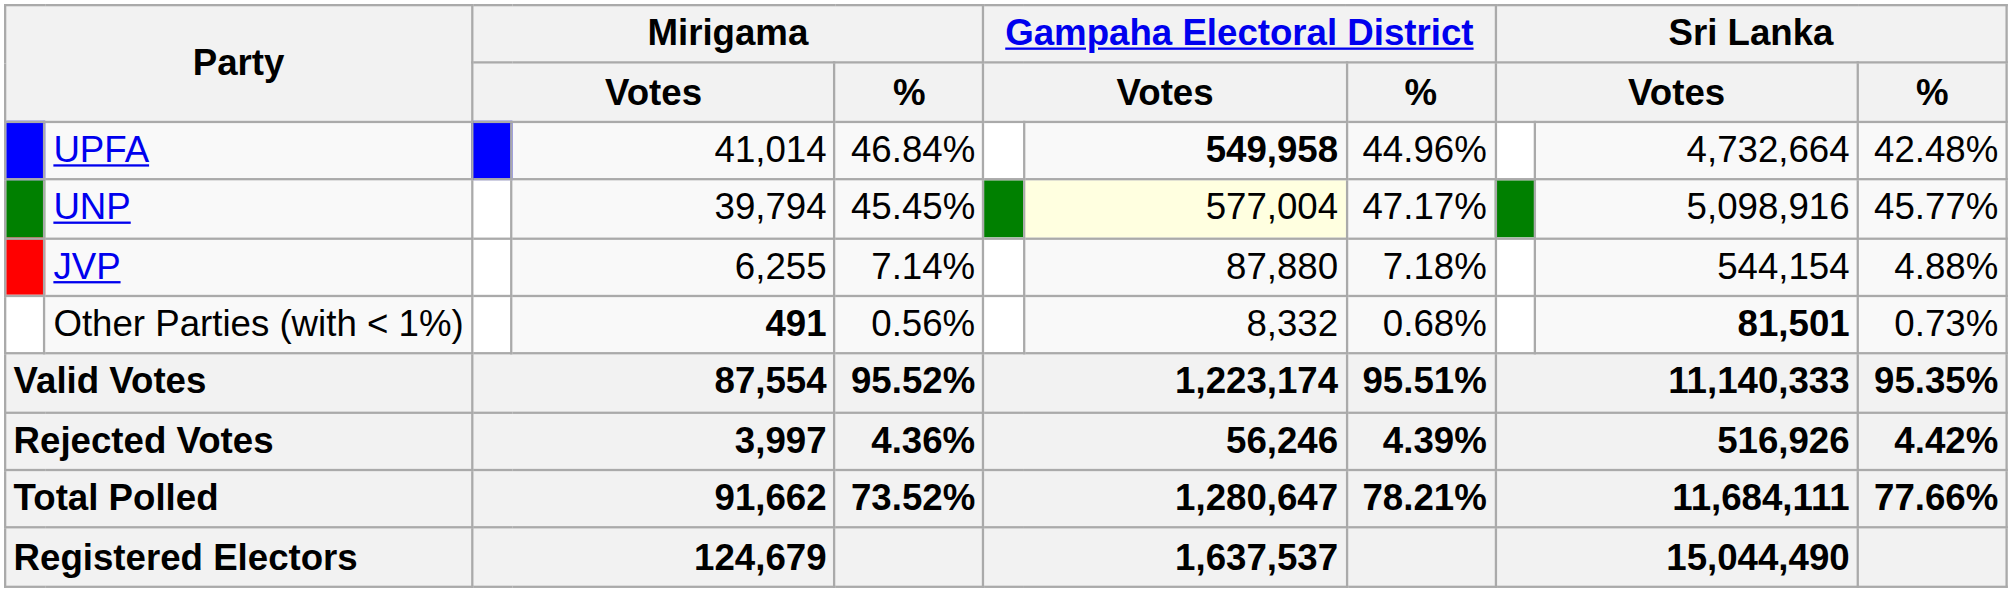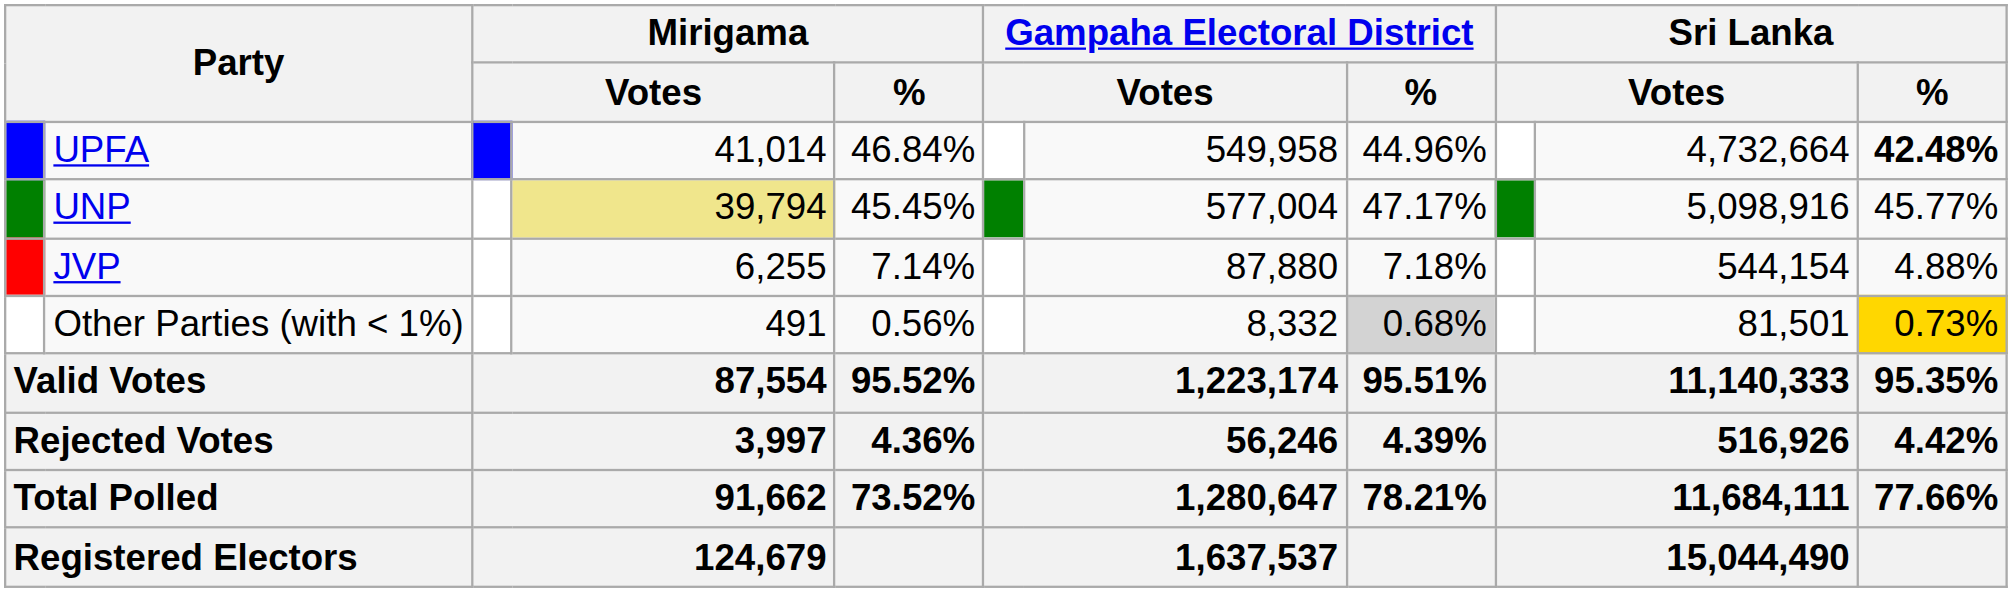 <table class="wikitable">
 <tr>
 <th colspan="2" width="144px"rowspan="2">Party</th>
 <th colspan="3" width="216px">Mirigama</th>
 <th colspan="3" width="216px"><a href='#'>Gampaha Electoral District</a></th>
 <th colspan="3" width="216px">Sri Lanka</th>
 </tr>
 <tr>
 <th colspan="2" width="144px">Votes</th>
 <th>%</th>
 <th colspan="2" width="144px">Votes</th>
 <th>%</th>
 <th colspan="2" width="144px">Votes</th>
 <th>%</th>
 </tr>
 <tr>
 <td style="background-color:blue;" width="10px"></td>
 <td style="text-align:left;"><a href='#'>UPFA</a></td>
 <td style="background-color:blue;" width="10px"></td>
 <td style="text-align:right;">41,014</td>
 <td style="text-align:right;">46.84%</td>
 <td style="background-color:white;" width="10px"></td>
-<td style="text-align:right;"><strong>549,958</strong></td>
+<td style="text-align:right;">549,958</td>
 <td style="text-align:right;">44.96%</td>
 <td style="background-color:white;" width="10px"></td>
 <td style="text-align:right;">4,732,664</td>
-<td style="text-align:right;">42.48%</td>
+<td style="text-align:right;"><strong>42.48%</strong></td>
 </tr>
 <tr>
 <td style="background-color:green;" width="10px"></td>
 <td style="text-align:left;"><a href='#'>UNP</a></td>
 <td style="background-color:white;" width="10px"></td>
-<td style="text-align:right;">39,794</td>
+<td style="background: khaki; text-align:right;">39,794</td>
 <td style="text-align:right;">45.45%</td>
 <td style="background-color:green;" width="10px"></td>
-<td style="background: lightyellow; text-align:right;">577,004</td>
+<td style="text-align:right;">577,004</td>
 <td style="text-align:right;">47.17%</td>
 <td style="background-color:green;" width="10px"></td>
 <td style="text-align:right;">5,098,916</td>
 <td style="text-align:right;">45.77%</td>
 </tr>
 <tr>
 <td style="background-color:red;" width="10px"></td>
 <td style="text-align:left;"><a href='#'>JVP</a></td>
 <td style="background-color:white;" width="10px"></td>
 <td style="text-align:right;">6,255</td>
 <td style="text-align:right;">7.14%</td>
 <td style="background-color:white;" width="10px"></td>
 <td style="text-align:right;">87,880</td>
 <td style="text-align:right;">7.18%</td>
 <td style="background-color:white;" width="10px"></td>
 <td style="text-align:right;">544,154</td>
 <td style="text-align:right;">4.88%</td>
 </tr>
 <tr>
 <td style="background-color:white;" width="10px"></td>
 <td style="text-align:left;">Other Parties (with < 1%)</td>
 <td style="background-color:white;" width="10px"></td>
-<td style="text-align:right;"><strong>491</strong></td>
+<td style="text-align:right;">491</td>
 <td style="text-align:right;">0.56%</td>
 <td style="background-color:white;" width="10px"></td>
 <td style="text-align:right;">8,332</td>
-<td style="text-align:right;">0.68%</td>
+<td style="background: lightgrey; text-align:right;">0.68%</td>
 <td style="background-color:white;" width="10px"></td>
-<td style="text-align:right;"><strong>81,501</strong></td>
-<td style="text-align:right;">0.73%</td>
+<td style="text-align:right;">81,501</td>
+<td style="background: gold; text-align:right;">0.73%</td>
 </tr>
 <tr>
 <th colspan="2" width="144px"style="text-align:left;">Valid Votes</th>
 <th style="text-align:right;"colspan="2" width="144px">87,554</th>
 <th style="text-align:right;">95.52%</th>
 <th style="text-align:right;"colspan="2" width="144px">1,223,174</th>
 <th style="text-align:right;">95.51%</th>
 <th style="text-align:right;"colspan="2" width="144px">11,140,333</th>
 <th style="text-align:right;">95.35%</th>
 </tr>
 <tr>
 <th colspan="2" width="144px"style="text-align:left;">Rejected Votes</th>
 <th style="text-align:right;"colspan="2" width="144px">3,997</th>
 <th style="text-align:right;">4.36%</th>
 <th style="text-align:right;"colspan="2" width="144px">56,246</th>
 <th style="text-align:right;">4.39%</th>
 <th style="text-align:right;"colspan="2" width="144px">516,926</th>
 <th style="text-align:right;">4.42%</th>
 </tr>
 <tr>
 <th colspan="2" width="144px"style="text-align:left;">Total Polled</th>
 <th style="text-align:right;"colspan="2" width="144px">91,662</th>
 <th style="text-align:right;">73.52%</th>
 <th style="text-align:right;"colspan="2" width="144px">1,280,647</th>
 <th style="text-align:right;">78.21%</th>
 <th style="text-align:right;"colspan="2" width="144px">11,684,111</th>
 <th style="text-align:right;">77.66%</th>
 </tr>
 <tr>
 <th colspan="2" width="144px"style="text-align:left;">Registered Electors</th>
 <th style="text-align:right;"colspan="2" width="144px">124,679</th>
 <th></th>
 <th style="text-align:right;"colspan="2" width="144px">1,637,537</th>
 <th></th>
 <th style="text-align:right;"colspan="2" width="144px">15,044,490</th>
 <th></th>
 </tr>
 </table>
